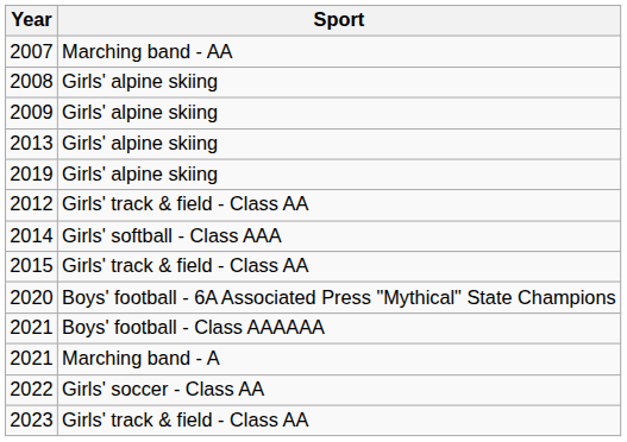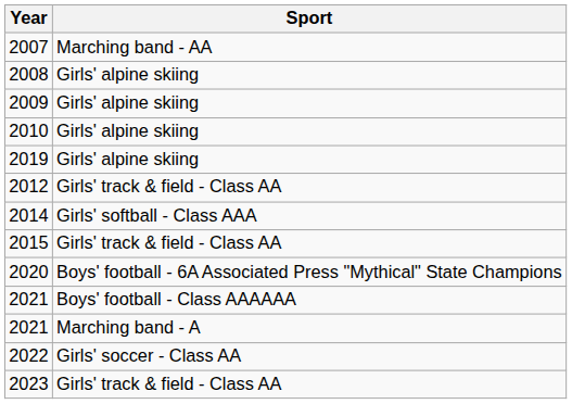 <table class="wikitable sortable">
 <tr>
 <th>Year</th>
 <th>Sport</th>
 </tr>
 <tr>
 <td>2007</td>
 <td>Marching band - AA</td>
 </tr>
 <tr>
 <td>2008</td>
 <td>Girls' alpine skiing</td>
 </tr>
 <tr>
 <td>2009</td>
 <td>Girls' alpine skiing</td>
 </tr>
 <tr>
-<td>2013</td>
+<td>2010</td>
 <td>Girls' alpine skiing</td>
 </tr>
 <tr>
 <td>2019</td>
 <td>Girls' alpine skiing</td>
 </tr>
 <tr>
 <td>2012</td>
 <td>Girls' track & field - Class AA</td>
 </tr>
 <tr>
 <td>2014</td>
 <td>Girls' softball - Class AAA</td>
 </tr>
 <tr>
 <td>2015</td>
 <td>Girls' track & field - Class AA</td>
 </tr>
 <tr>
 <td>2020</td>
 <td>Boys' football - 6A Associated Press "Mythical" State Champions</td>
 </tr>
 <tr>
 <td>2021</td>
 <td>Boys' football - Class AAAAAA</td>
 </tr>
 <tr>
 <td>2021</td>
 <td>Marching band - A</td>
 </tr>
 <tr>
 <td>2022</td>
 <td>Girls' soccer - Class AA</td>
 </tr>
 <tr>
 <td>2023</td>
 <td>Girls' track & field - Class AA</td>
 </tr>
 </table>
